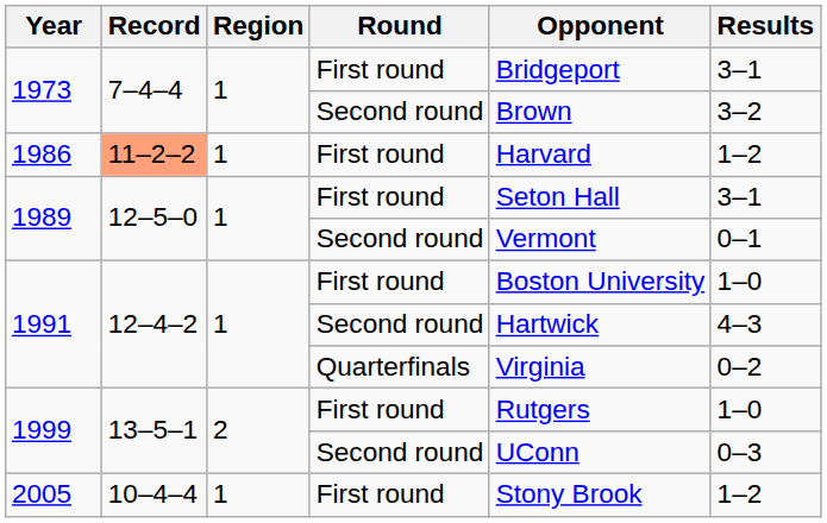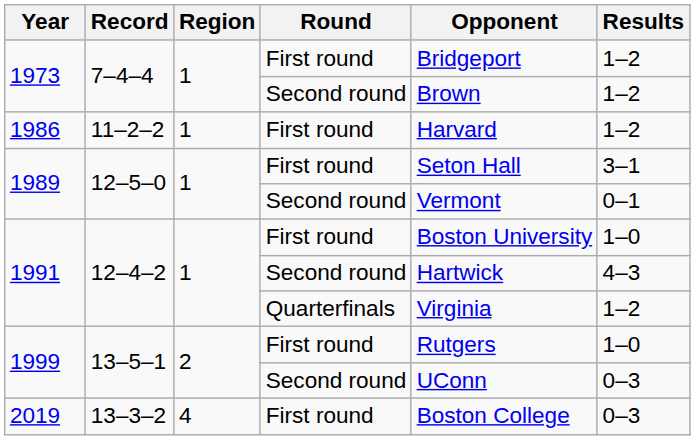 <table class="wikitable" style="text-align: ">
 <tr>
 <th width=50px>Year</th>
 <th>Record</th>
 <th>Region</th>
 <th>Round</th>
 <th>Opponent</th>
 <th>Results</th>
 </tr>
 <tr>
 <td rowspan=2><a href='#'>1973</a></td>
 <td rowspan=2>7–4–4</td>
 <td rowspan=2>1</td>
 <td>First round</td>
 <td><a href='#'>Bridgeport</a></td>
-<td>3–1</td>
+<td>1–2 </td>
 </tr>
 <tr>
 <td>Second round</td>
 <td><a href='#'>Brown</a></td>
-<td>3–2</td>
+<td>1–2 </td>
 </tr>
 <tr>
 <td><a href='#'>1986</a></td>
-<td style="background: lightsalmon;">11–2–2</td>
+<td>11–2–2</td>
 <td>1</td>
 <td>First round</td>
 <td><a href='#'>Harvard</a></td>
 <td>1–2 </td>
 </tr>
 <tr>
 <td rowspan=2><a href='#'>1989</a></td>
 <td rowspan=2>12–5–0</td>
 <td rowspan=2>1</td>
 <td>First round</td>
 <td><a href='#'>Seton Hall</a></td>
 <td>3–1</td>
 </tr>
 <tr>
 <td>Second round</td>
 <td><a href='#'>Vermont</a></td>
 <td>0–1</td>
 </tr>
 <tr>
 <td rowspan=3><a href='#'>1991</a></td>
 <td rowspan=3>12–4–2</td>
 <td rowspan=3>1</td>
 <td>First round</td>
 <td><a href='#'>Boston University</a></td>
 <td>1–0</td>
 </tr>
 <tr>
 <td>Second round</td>
 <td><a href='#'>Hartwick</a></td>
 <td>4–3 </td>
 </tr>
 <tr>
 <td>Quarterfinals</td>
 <td><a href='#'>Virginia</a></td>
-<td>0–2</td>
+<td>1–2 </td>
 </tr>
 <tr>
 <td rowspan=2><a href='#'>1999</a></td>
 <td rowspan=2>13–5–1</td>
 <td rowspan=2>2</td>
 <td>First round</td>
 <td><a href='#'>Rutgers</a></td>
 <td>1–0 </td>
 </tr>
 <tr>
 <td>Second round</td>
 <td><a href='#'>UConn</a></td>
 <td>0–3</td>
 </tr>
 <tr>
-<td><a href='#'>2005</a></td>
-<td>10–4–4</td>
-<td>1</td>
+<td><a href='#'>2019</a></td>
+<td>13–3–2</td>
+<td>4</td>
 <td>First round</td>
-<td><a href='#'>Stony Brook</a></td>
-<td>1–2 </td>
+<td><a href='#'>Boston College</a></td>
+<td>0–3</td>
 </tr>
 </table>
